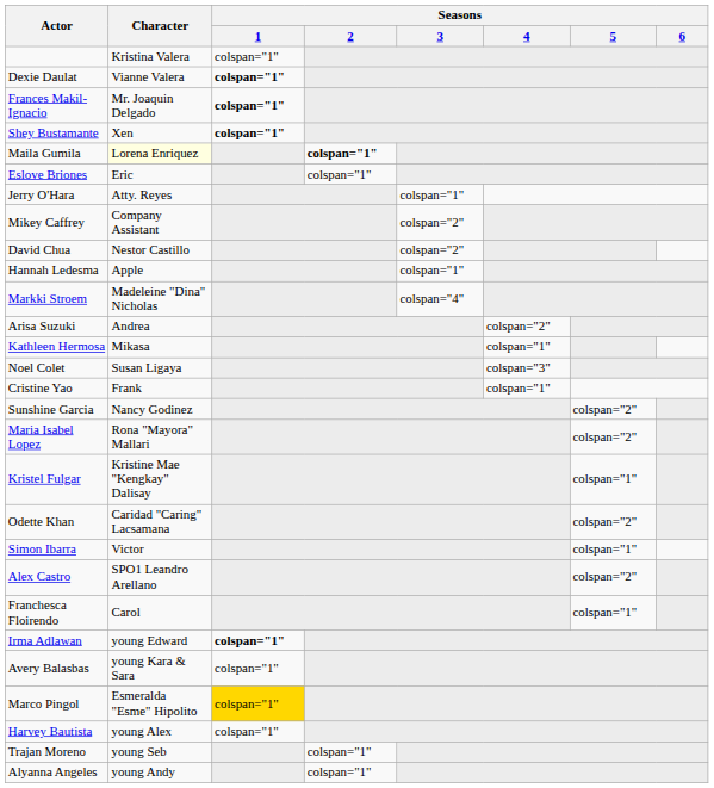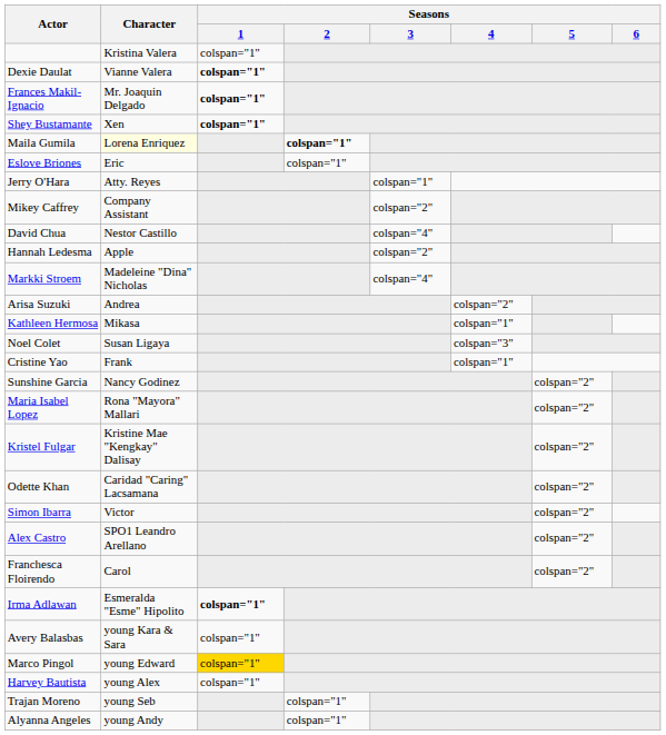 <table class="wikitable">
 <tr>
 <th style="width:10%;" rowspan="2">Actor</th>
 <th style="width:10%;" rowspan="2">Character</th>
 <th colspan="12">Seasons</th>
 </tr>
 <tr>
 <th style="width:5%;"><a href='#'>1</a></th>
 <th style="width:5%;"><a href='#'>2</a></th>
 <th style="width:5%;"><a href='#'>3</a></th>
 <th style="width:5%;"><a href='#'>4</a></th>
 <th style="width:5%;"><a href='#'>5</a></th>
 <th style="width:5%;"><a href='#'>6</a></th>
 </tr>
 <tr>
 <td></td>
 <td>Kristina Valera</td>
 <td>colspan="1" </td>
 <td colspan="5" style="background: #ececec; color: grey; vertical-align: middle; text-align: center; " class="table-na"></td>
 </tr>
 <tr>
 <td>Dexie Daulat</td>
 <td>Vianne Valera</td>
 <td><strong>colspan="1" </strong></td>
 <td colspan="5" style="background: #ececec; color: grey; vertical-align: middle; text-align: center; " class="table-na"></td>
 </tr>
 <tr>
 <td><a href='#'>Frances Makil-Ignacio</a></td>
 <td>Mr. Joaquin Delgado</td>
 <td><strong>colspan="1" </strong></td>
 <td colspan="5" style="background: #ececec; color: grey; vertical-align: middle; text-align: center; " class="table-na"></td>
 </tr>
 <tr>
 <td><a href='#'>Shey Bustamante</a></td>
 <td>Xen</td>
 <td><strong>colspan="1" </strong></td>
 <td colspan="5" style="background: #ececec; color: grey; vertical-align: middle; text-align: center; " class="table-na"></td>
 </tr>
 <tr>
 <td>Maila Gumila</td>
 <td style="background: lightyellow;">Lorena Enriquez</td>
 <td colspan="1" style="background: #ececec; color: grey; vertical-align: middle; text-align: center; " class="table-na"></td>
 <td><strong>colspan="1" </strong></td>
 <td colspan="4" style="background: #ececec; color: grey; vertical-align: middle; text-align: center; " class="table-na"></td>
 </tr>
 <tr>
 <td><a href='#'>Eslove Briones</a></td>
 <td>Eric</td>
 <td colspan="1" style="background: #ececec; color: grey; vertical-align: middle; text-align: center; " class="table-na"></td>
 <td>colspan="1" </td>
 <td colspan="4" style="background: #ececec; color: grey; vertical-align: middle; text-align: center; " class="table-na"></td>
 </tr>
 <tr>
 <td>Jerry O'Hara</td>
 <td>Atty. Reyes</td>
 <td colspan="2" style="background: #ececec; color: grey; vertical-align: middle; text-align: center; " class="table-na"></td>
 <td>colspan="1" </td>
 </tr>
 <tr>
 <td>Mikey Caffrey</td>
 <td>Company Assistant</td>
 <td colspan="2" style="background: #ececec; color: grey; vertical-align: middle; text-align: center; " class="table-na"></td>
 <td>colspan="2" </td>
 <td colspan="3" style="background: #ececec; color: grey; vertical-align: middle; text-align: center; " class="table-na"></td>
 </tr>
 <tr>
 <td>David Chua</td>
 <td>Nestor Castillo</td>
 <td colspan="2" style="background: #ececec; color: grey; vertical-align: middle; text-align: center; " class="table-na"></td>
-<td>colspan="2" </td>
+<td>colspan="4" </td>
 <td colspan="2" style="background: #ececec; color: grey; vertical-align: middle; text-align: center; " class="table-na"></td>
 </tr>
 <tr>
 <td>Hannah Ledesma</td>
 <td>Apple</td>
 <td colspan="2" style="background: #ececec; color: grey; vertical-align: middle; text-align: center; " class="table-na"></td>
-<td>colspan="1" </td>
+<td>colspan="2" </td>
 <td colspan="3" style="background: #ececec; color: grey; vertical-align: middle; text-align: center; " class="table-na"></td>
 </tr>
 <tr>
 <td><a href='#'>Markki Stroem</a></td>
 <td>Madeleine "Dina" Nicholas</td>
 <td colspan="2" style="background: #ececec; color: grey; vertical-align: middle; text-align: center; " class="table-na"></td>
 <td>colspan="4" </td>
 <td colspan="3" style="background: #ececec; color: grey; vertical-align: middle; text-align: center; " class="table-na"></td>
 </tr>
 <tr>
 <td>Arisa Suzuki</td>
 <td>Andrea</td>
 <td colspan="3" style="background: #ececec; color: grey; vertical-align: middle; text-align: center; " class="table-na"></td>
 <td>colspan="2" </td>
 <td colspan="2" style="background: #ececec; color: grey; vertical-align: middle; text-align: center; " class="table-na"></td>
 </tr>
 <tr>
 <td><a href='#'>Kathleen Hermosa</a></td>
 <td>Mikasa</td>
 <td colspan="3" style="background: #ececec; color: grey; vertical-align: middle; text-align: center; " class="table-na"></td>
 <td>colspan="1" </td>
 <td colspan="1" style="background: #ececec; color: grey; vertical-align: middle; text-align: center; " class="table-na"></td>
 </tr>
 <tr>
 <td>Noel Colet</td>
 <td>Susan Ligaya</td>
 <td colspan="3" style="background: #ececec; color: grey; vertical-align: middle; text-align: center; " class="table-na"></td>
 <td>colspan="3" </td>
 <td colspan="2" style="background: #ececec; color: grey; vertical-align: middle; text-align: center; " class="table-na"></td>
 </tr>
 <tr>
 <td>Cristine Yao</td>
 <td>Frank</td>
 <td colspan="3" style="background: #ececec; color: grey; vertical-align: middle; text-align: center; " class="table-na"></td>
 <td>colspan="1" </td>
 </tr>
 <tr>
 <td>Sunshine Garcia</td>
 <td>Nancy Godinez</td>
 <td colspan="4" style="background: #ececec; color: grey; vertical-align: middle; text-align: center; " class="table-na"></td>
 <td>colspan="2" </td>
 <td colspan="1" style="background: #ececec; color: grey; vertical-align: middle; text-align: center; " class="table-na"></td>
 </tr>
 <tr>
 <td><a href='#'>Maria Isabel Lopez</a></td>
 <td>Rona "Mayora" Mallari</td>
 <td colspan="4" style="background: #ececec; color: grey; vertical-align: middle; text-align: center; " class="table-na"></td>
 <td>colspan="2" </td>
 <td colspan="1" style="background: #ececec; color: grey; vertical-align: middle; text-align: center; " class="table-na"></td>
 </tr>
 <tr>
 <td><a href='#'>Kristel Fulgar</a></td>
 <td>Kristine Mae "Kengkay" Dalisay</td>
 <td colspan="4" style="background: #ececec; color: grey; vertical-align: middle; text-align: center; " class="table-na"></td>
-<td>colspan="1" </td>
+<td>colspan="2" </td>
 <td colspan="1" style="background: #ececec; color: grey; vertical-align: middle; text-align: center; " class="table-na"></td>
 </tr>
 <tr>
 <td>Odette Khan</td>
 <td>Caridad "Caring" Lacsamana</td>
 <td colspan="4" style="background: #ececec; color: grey; vertical-align: middle; text-align: center; " class="table-na"></td>
 <td>colspan="2" </td>
 <td colspan="1" style="background: #ececec; color: grey; vertical-align: middle; text-align: center; " class="table-na"></td>
 </tr>
 <tr>
 <td><a href='#'>Simon Ibarra</a></td>
 <td>Victor</td>
 <td colspan="4" style="background: #ececec; color: grey; vertical-align: middle; text-align: center; " class="table-na"></td>
-<td>colspan="1" </td>
+<td>colspan="2" </td>
 </tr>
 <tr>
 <td><a href='#'>Alex Castro</a></td>
 <td>SPO1 Leandro Arellano</td>
 <td colspan="4" style="background: #ececec; color: grey; vertical-align: middle; text-align: center; " class="table-na"></td>
 <td>colspan="2" </td>
 <td colspan="1" style="background: #ececec; color: grey; vertical-align: middle; text-align: center; " class="table-na"></td>
 </tr>
 <tr>
 <td>Franchesca Floirendo</td>
 <td>Carol</td>
 <td colspan="4" style="background: #ececec; color: grey; vertical-align: middle; text-align: center; " class="table-na"></td>
-<td>colspan="1" </td>
+<td>colspan="2" </td>
 <td colspan="1" style="background: #ececec; color: grey; vertical-align: middle; text-align: center; " class="table-na"></td>
 </tr>
 <tr>
 <td><a href='#'>Irma Adlawan</a></td>
-<td>young Edward</td>
+<td>Esmeralda "Esme" Hipolito</td>
 <td><strong>colspan="1" </strong></td>
 <td colspan="5" style="background: #ececec; color: grey; vertical-align: middle; text-align: center; " class="table-na"></td>
 </tr>
 <tr>
 <td>Avery Balasbas</td>
 <td>young Kara & Sara</td>
 <td>colspan="1" </td>
 <td colspan="5" style="background: #ececec; color: grey; vertical-align: middle; text-align: center; " class="table-na"></td>
 </tr>
 <tr>
 <td>Marco Pingol</td>
-<td>Esmeralda "Esme" Hipolito</td>
+<td>young Edward</td>
 <td style="background: gold;">colspan="1" </td>
 <td colspan="5" style="background: #ececec; color: grey; vertical-align: middle; text-align: center; " class="table-na"></td>
 </tr>
 <tr>
 <td><a href='#'>Harvey Bautista</a></td>
 <td>young Alex</td>
 <td>colspan="1" </td>
 <td colspan="5" style="background: #ececec; color: grey; vertical-align: middle; text-align: center; " class="table-na"></td>
 </tr>
 <tr>
 <td>Trajan Moreno</td>
 <td>young Seb</td>
 <td colspan="1" style="background: #ececec; color: grey; vertical-align: middle; text-align: center; " class="table-na"></td>
 <td>colspan="1" </td>
 <td colspan="4" style="background: #ececec; color: grey; vertical-align: middle; text-align: center; " class="table-na"></td>
 </tr>
 <tr>
 <td>Alyanna Angeles</td>
 <td>young Andy</td>
 <td colspan="1" style="background: #ececec; color: grey; vertical-align: middle; text-align: center; " class="table-na"></td>
 <td>colspan="1" </td>
 <td colspan="4" style="background: #ececec; color: grey; vertical-align: middle; text-align: center; " class="table-na"></td>
 </tr>
 </table>
